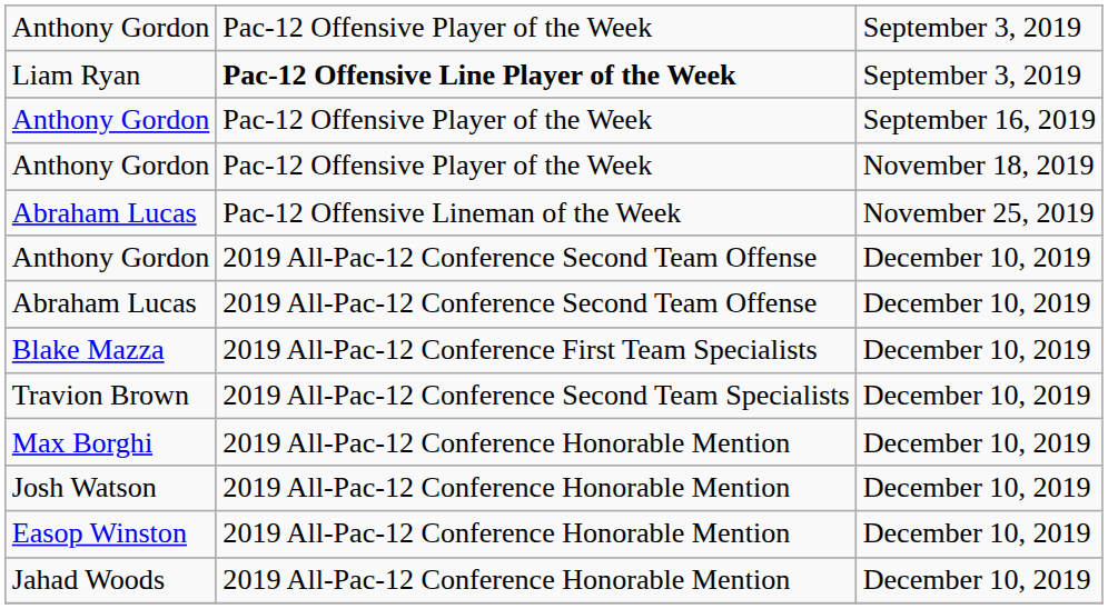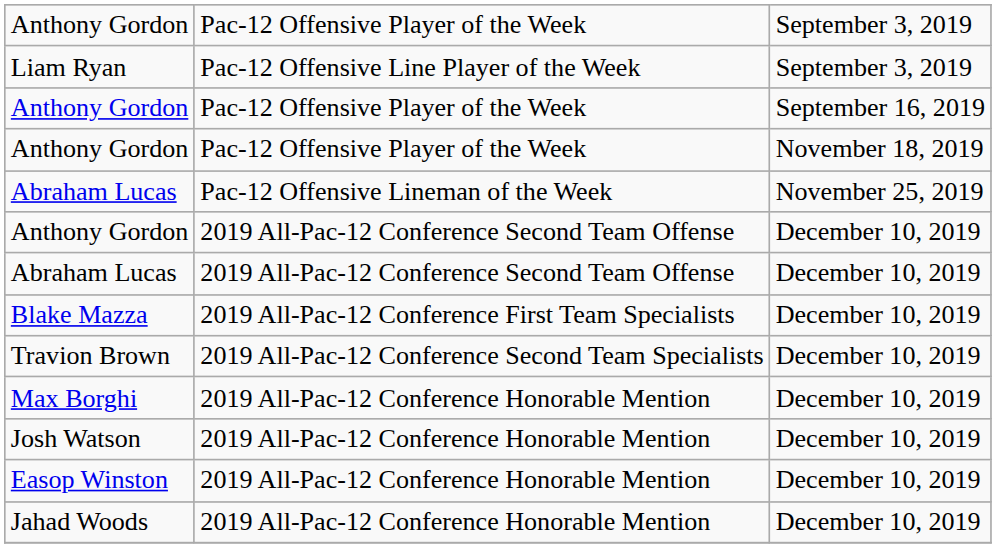 <table class="wikitable">
 <tr>
 <td>Anthony Gordon</td>
 <td>Pac-12 Offensive Player of the Week</td>
 <td>September 3, 2019</td>
 </tr>
 <tr>
 <td>Liam Ryan</td>
-<td><strong>Pac-12 Offensive Line Player of the Week</strong></td>
+<td>Pac-12 Offensive Line Player of the Week</td>
 <td>September 3, 2019</td>
 </tr>
 <tr>
 <td><a href='#'>Anthony Gordon</a></td>
 <td>Pac-12 Offensive Player of the Week</td>
 <td>September 16, 2019</td>
 </tr>
 <tr>
 <td>Anthony Gordon</td>
 <td>Pac-12 Offensive Player of the Week</td>
 <td>November 18, 2019</td>
 </tr>
 <tr>
 <td><a href='#'>Abraham Lucas</a></td>
 <td>Pac-12 Offensive Lineman of the Week</td>
 <td>November 25, 2019</td>
 </tr>
 <tr>
 <td>Anthony Gordon</td>
 <td>2019 All-Pac-12 Conference Second Team Offense</td>
 <td>December 10, 2019</td>
 </tr>
 <tr>
 <td>Abraham Lucas</td>
 <td>2019 All-Pac-12 Conference Second Team Offense</td>
 <td>December 10, 2019</td>
 </tr>
 <tr>
 <td><a href='#'>Blake Mazza</a></td>
 <td>2019 All-Pac-12 Conference First Team Specialists</td>
 <td>December 10, 2019</td>
 </tr>
 <tr>
 <td>Travion Brown</td>
 <td>2019 All-Pac-12 Conference Second Team Specialists</td>
 <td>December 10, 2019</td>
 </tr>
 <tr>
 <td><a href='#'>Max Borghi</a></td>
 <td>2019 All-Pac-12 Conference Honorable Mention</td>
 <td>December 10, 2019</td>
 </tr>
 <tr>
 <td>Josh Watson</td>
 <td>2019 All-Pac-12 Conference Honorable Mention</td>
 <td>December 10, 2019</td>
 </tr>
 <tr>
 <td><a href='#'>Easop Winston</a></td>
 <td>2019 All-Pac-12 Conference Honorable Mention</td>
 <td>December 10, 2019</td>
 </tr>
 <tr>
 <td>Jahad Woods</td>
 <td>2019 All-Pac-12 Conference Honorable Mention</td>
 <td>December 10, 2019</td>
 </tr>
 <tr>
 </tr>
 </table>
